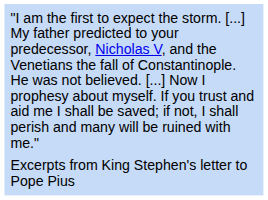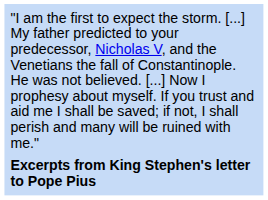 <table class="toccolours" style="float: right; margin-right: 0em; margin-right: 1em; font-size: 85%; background:#c6dbf7; color:black; width:20em; max-width:40%" cellspacing="5">
 <tr>
 <td align="left">"I am the first to expect the storm. [...] My father predicted to your predecessor, <a href='#'>Nicholas V</a>, and the Venetians the fall of Constantinople. He was not believed. [...] Now I prophesy about myself. If you trust and aid me I shall be saved; if not, I shall perish and many will be ruined with me."</td>
 </tr>
 <tr>
-<td align="left">Excerpts from King Stephen's letter to Pope Pius</td>
+<td align="left"><strong>Excerpts from King Stephen's letter to Pope Pius</strong></td>
 </tr>
 </table>
